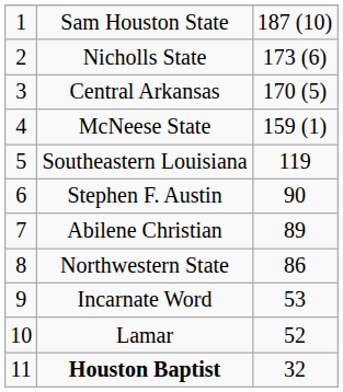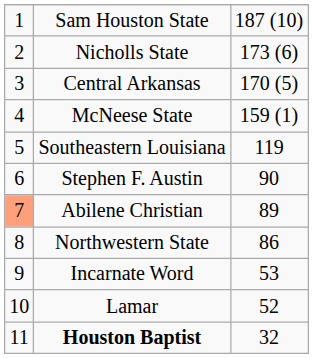 <table class="wikitable">
 <tr align="center">
 </tr>
 <tr align="center">
 <td>1</td>
 <td>Sam Houston State</td>
 <td>187 (10)</td>
 </tr>
 <tr align="center">
 <td>2</td>
 <td>Nicholls State</td>
 <td>173 (6)</td>
 </tr>
 <tr align="center">
 <td>3</td>
 <td>Central Arkansas</td>
 <td>170 (5)</td>
 </tr>
 <tr align="center">
 <td>4</td>
 <td>McNeese State</td>
 <td>159 (1)</td>
 </tr>
 <tr align="center">
 <td>5</td>
 <td>Southeastern Louisiana</td>
 <td>119</td>
 </tr>
 <tr align="center">
 <td>6</td>
 <td>Stephen F. Austin</td>
 <td>90</td>
 </tr>
 <tr align="center">
-<td>7</td>
+<td style="background: lightsalmon;">7</td>
 <td>Abilene Christian</td>
 <td>89</td>
 </tr>
 <tr align="center">
 <td>8</td>
 <td>Northwestern State</td>
 <td>86</td>
 </tr>
 <tr align="center">
 <td>9</td>
 <td>Incarnate Word</td>
 <td>53</td>
 </tr>
 <tr align="center">
 <td>10</td>
 <td>Lamar</td>
 <td>52</td>
 </tr>
 <tr align="center">
 <td>11</td>
 <td><strong>Houston Baptist</strong></td>
 <td>32</td>
 </tr>
 </table>
